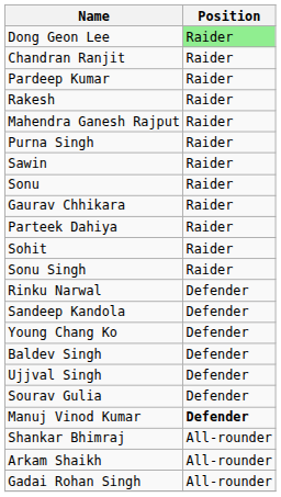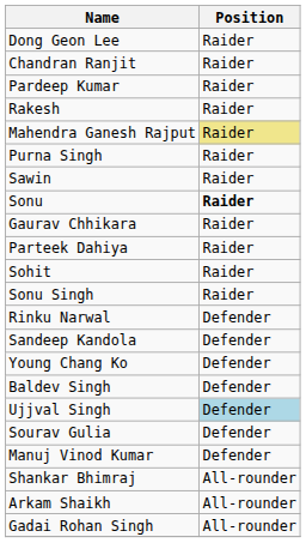 <table class="wikitable">
 <tr>
 <th>Name</th>
 <th>Position</th>
 </tr>
 <tr>
 <td>Dong Geon Lee</td>
-<td style="background: lightgreen;">Raider</td>
+<td>Raider</td>
 </tr>
 <tr>
 <td>Chandran Ranjit</td>
 <td>Raider</td>
 </tr>
 <tr>
 <td>Pardeep Kumar</td>
 <td>Raider</td>
 </tr>
 <tr>
 <td>Rakesh</td>
 <td>Raider</td>
 </tr>
 <tr>
 <td>Mahendra Ganesh Rajput</td>
-<td>Raider</td>
+<td style="background: khaki;">Raider</td>
 </tr>
 <tr>
 <td>Purna Singh</td>
 <td>Raider</td>
 </tr>
 <tr>
 <td>Sawin</td>
 <td>Raider</td>
 </tr>
 <tr>
 <td>Sonu</td>
-<td>Raider</td>
+<td><strong>Raider</strong></td>
 </tr>
 <tr>
 <td>Gaurav Chhikara</td>
 <td>Raider</td>
 </tr>
 <tr>
 <td>Parteek Dahiya</td>
 <td>Raider</td>
 </tr>
 <tr>
 <td>Sohit</td>
 <td>Raider</td>
 </tr>
 <tr>
 <td>Sonu Singh</td>
 <td>Raider</td>
 </tr>
 <tr>
 <td>Rinku Narwal</td>
 <td>Defender</td>
 </tr>
 <tr>
 <td>Sandeep Kandola</td>
 <td>Defender</td>
 </tr>
 <tr>
 <td>Young Chang Ko</td>
 <td>Defender</td>
 </tr>
 <tr>
 <td>Baldev Singh</td>
 <td>Defender</td>
 </tr>
 <tr>
 <td>Ujjval Singh</td>
-<td>Defender</td>
+<td style="background: lightblue;">Defender</td>
 </tr>
 <tr>
 <td>Sourav Gulia</td>
 <td>Defender</td>
 </tr>
 <tr>
 <td>Manuj Vinod Kumar</td>
-<td><strong>Defender</strong></td>
+<td>Defender</td>
 </tr>
 <tr>
 <td>Shankar Bhimraj</td>
 <td>All-rounder</td>
 </tr>
 <tr>
 <td>Arkam Shaikh</td>
 <td>All-rounder</td>
 </tr>
 <tr>
 <td>Gadai Rohan Singh</td>
 <td>All-rounder</td>
 </tr>
 <tr>
 </tr>
 </table>
